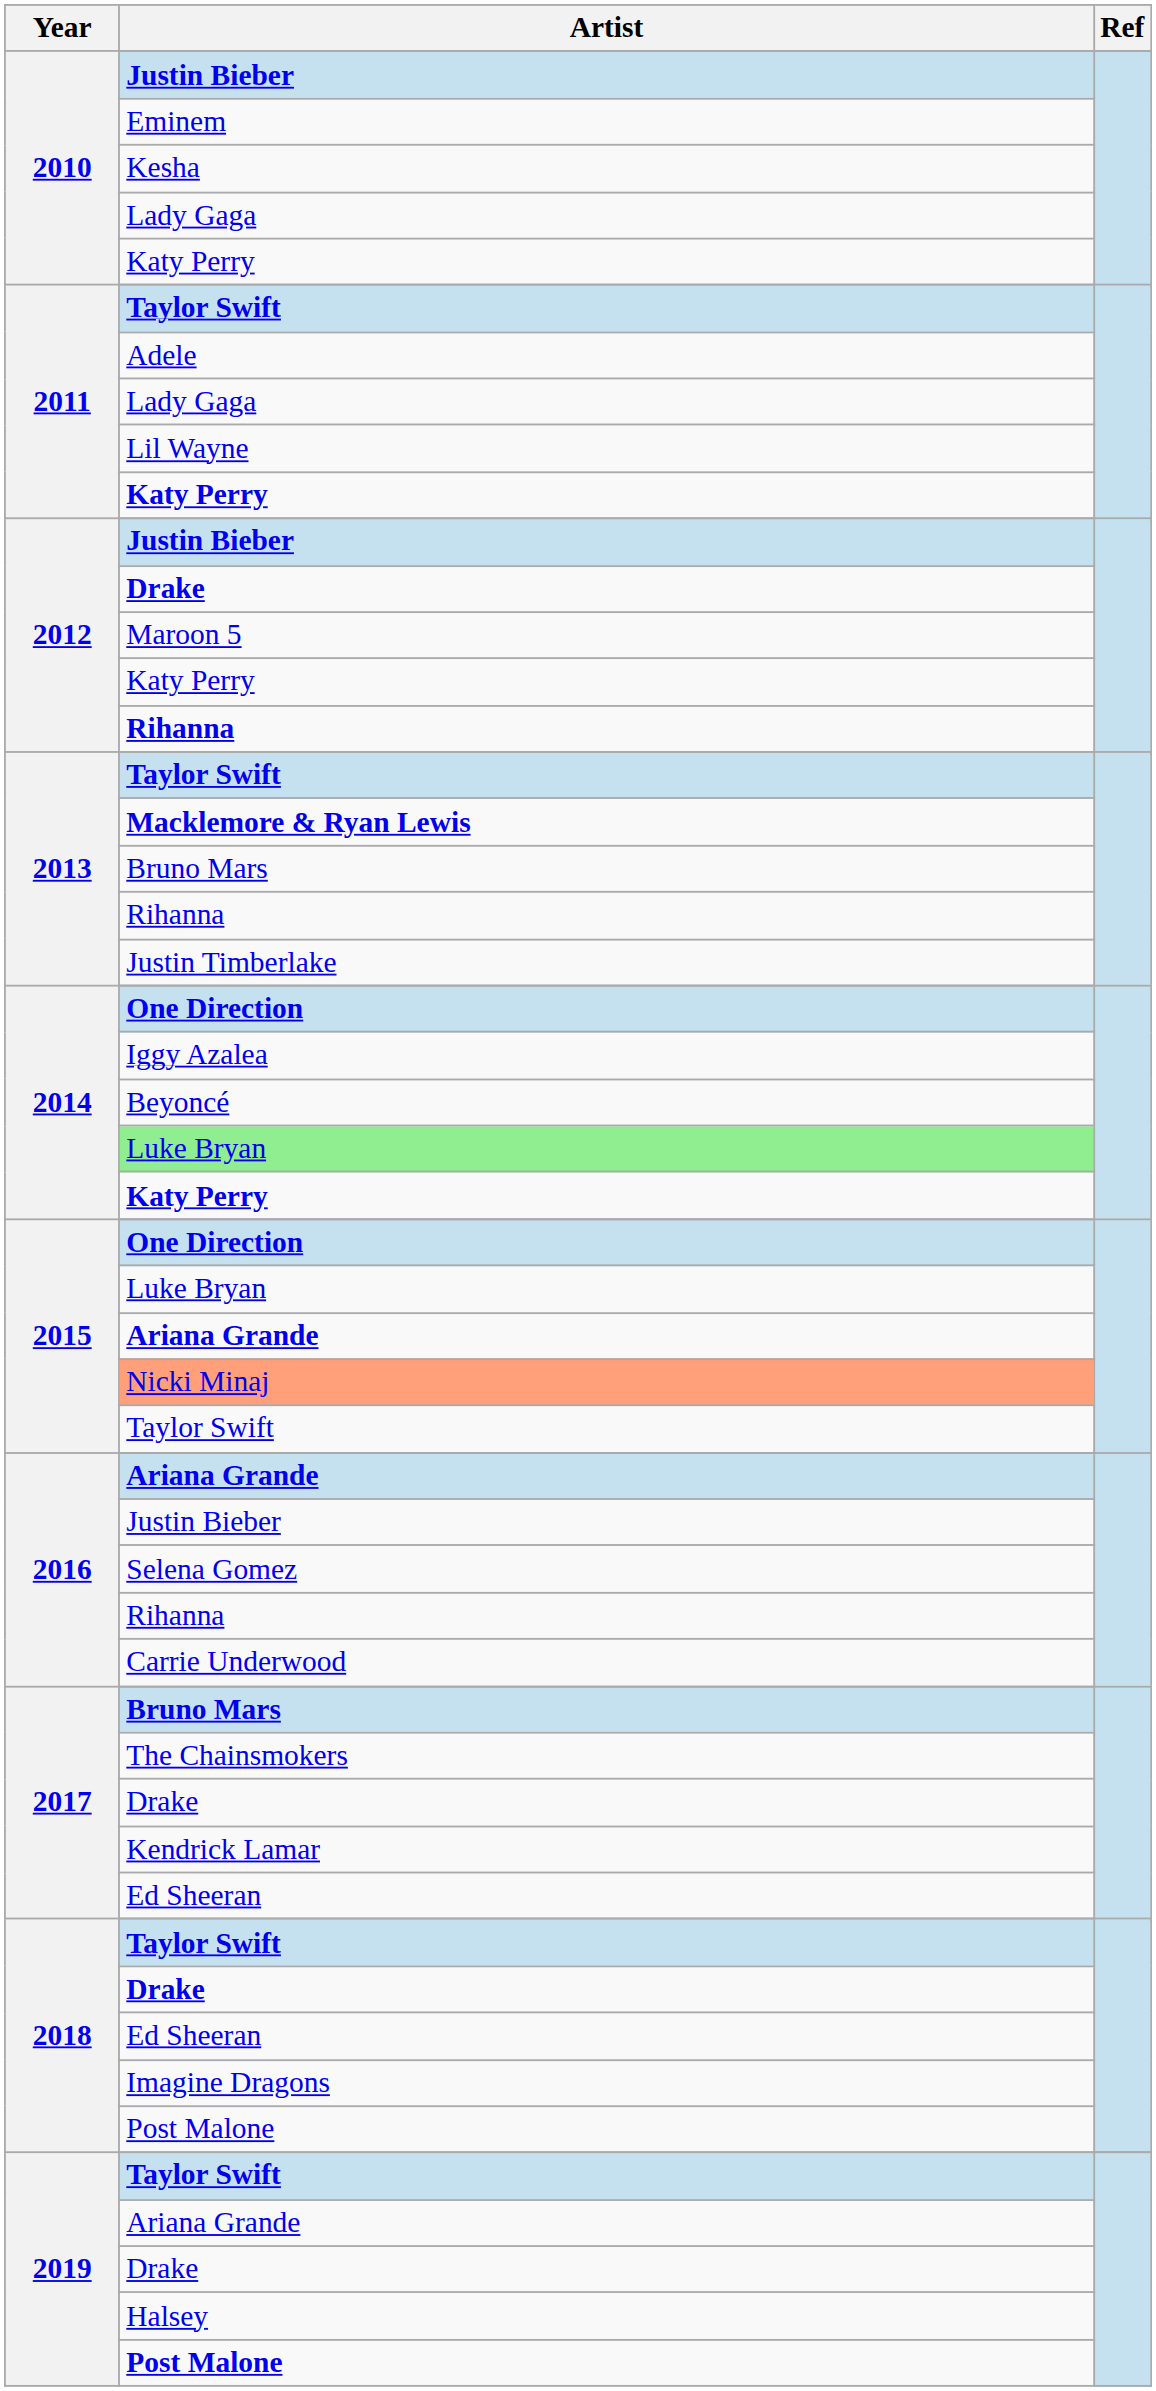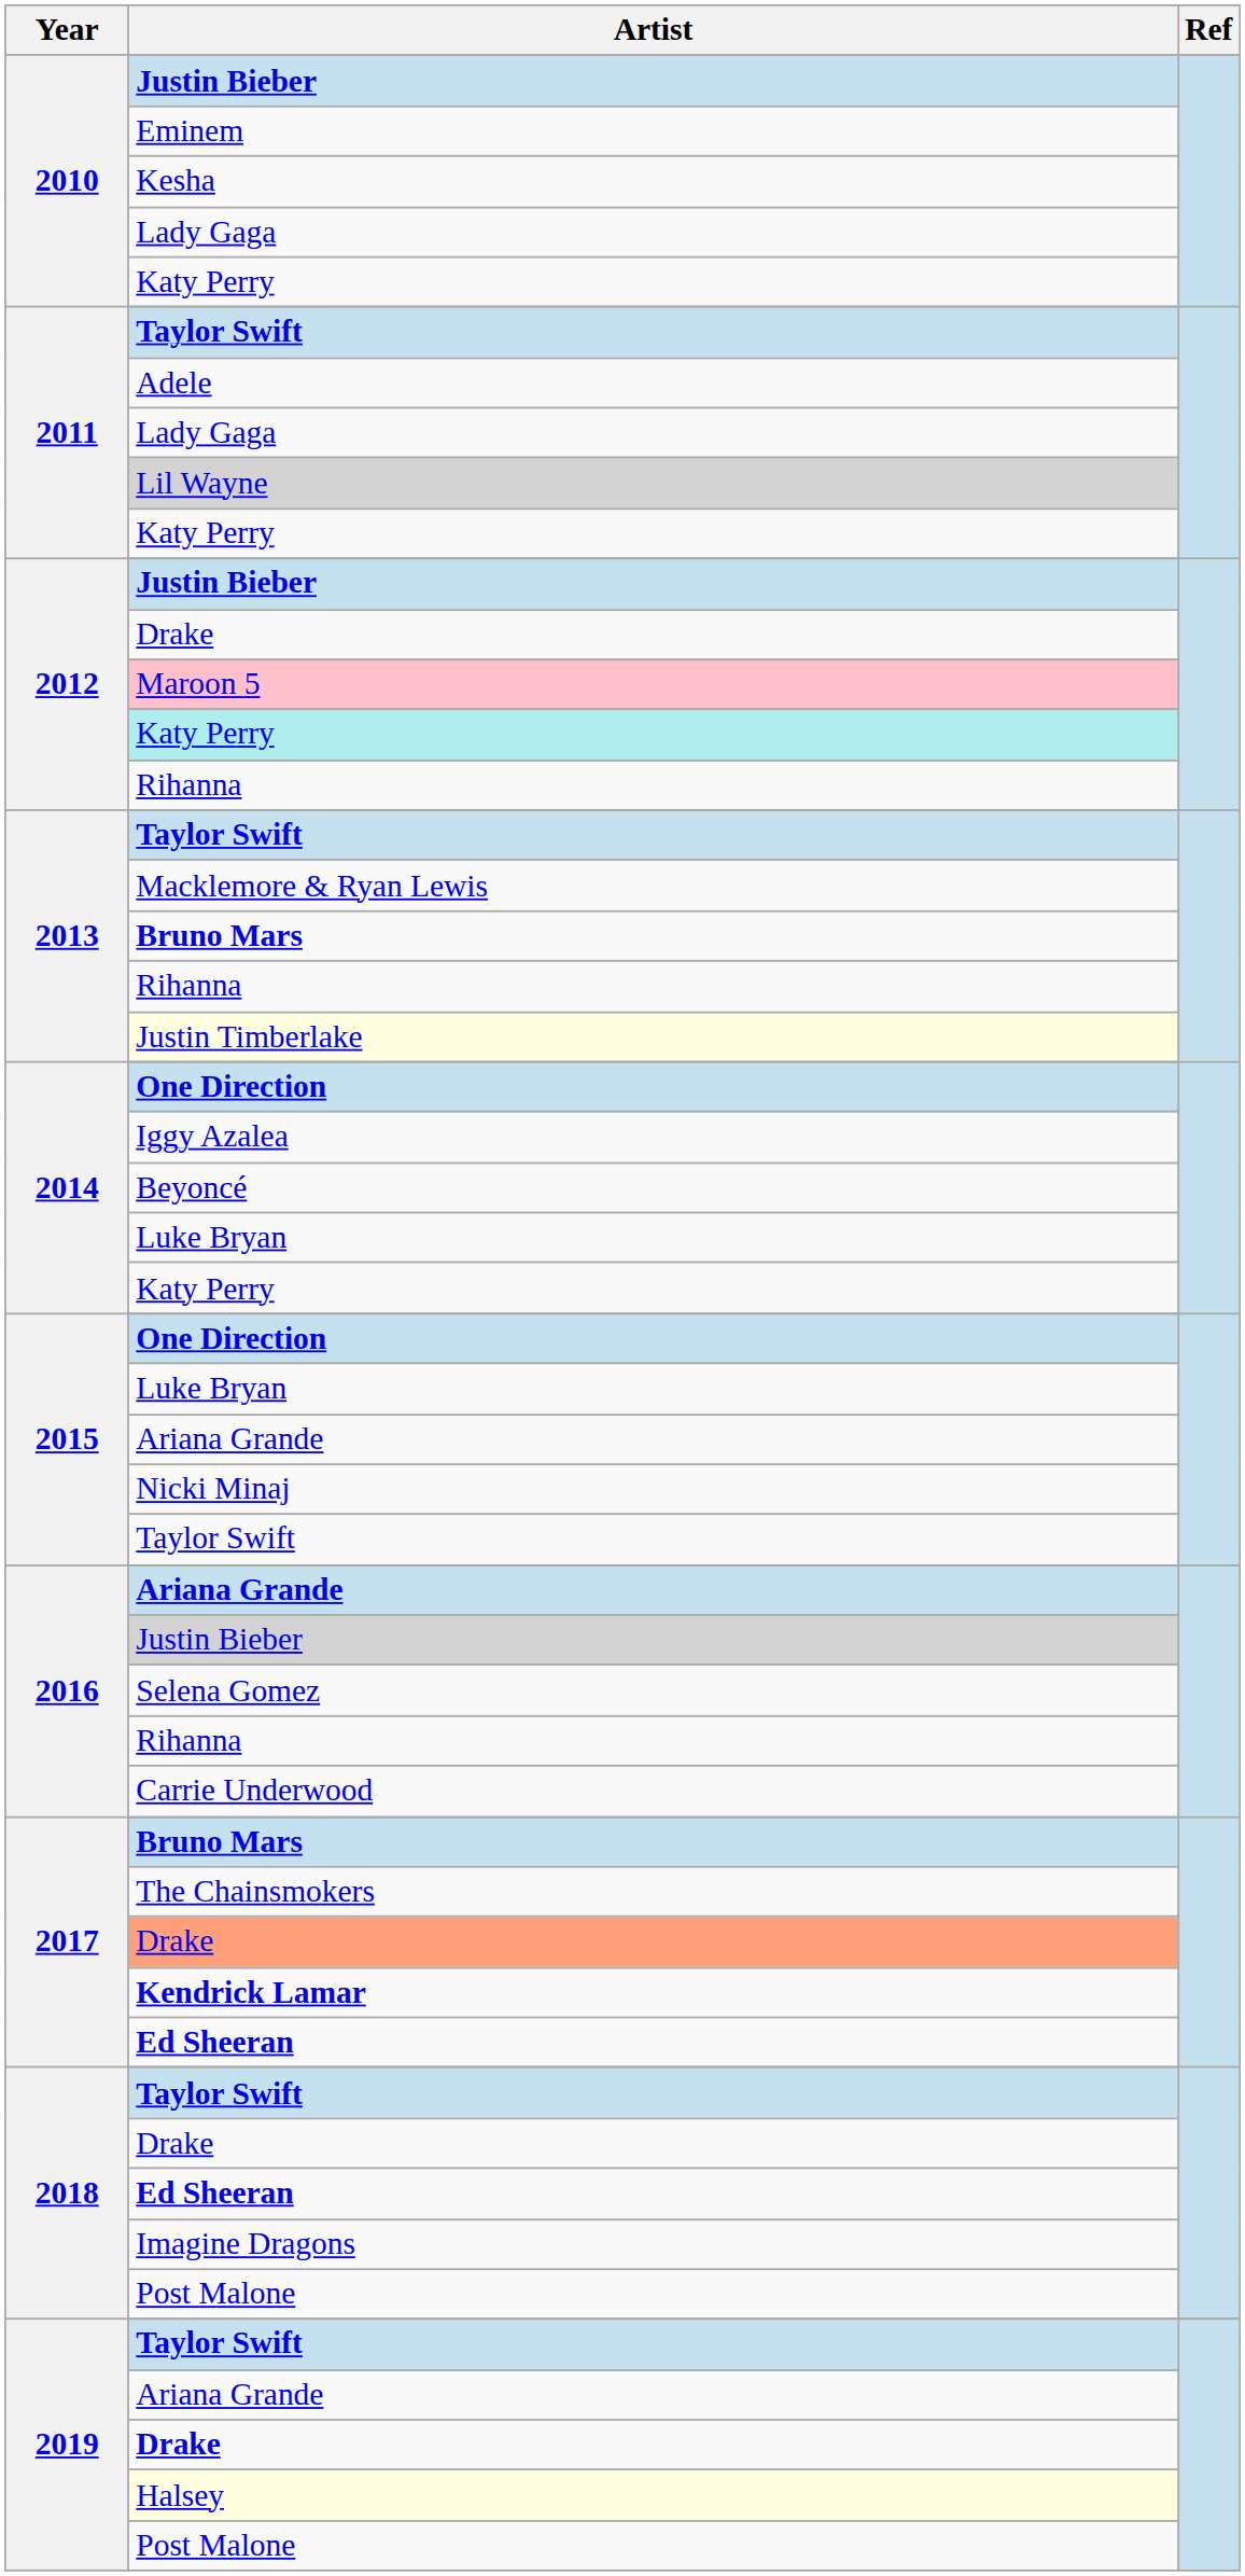 <table class="wikitable" width="100%">
 <tr>
 <th width="10%">Year</th>
 <th width="85%">Artist</th>
 <th width="5%">Ref</th>
 </tr>
 <tr>
 <th rowspan="6" align="center"><a href='#'>2010<br></a></th>
 </tr>
 <tr style="background:#c5e1f0">
 <td><strong><a href='#'>Justin Bieber</a></strong></td>
 <td rowspan="6" align="center"></td>
 </tr>
 <tr>
 <td><a href='#'>Eminem</a></td>
 </tr>
 <tr>
 <td><a href='#'>Kesha</a></td>
 </tr>
 <tr>
 <td><a href='#'>Lady Gaga</a></td>
 </tr>
 <tr>
 <td><a href='#'>Katy Perry</a></td>
 </tr>
 <tr>
 <th rowspan="6" align="center"><a href='#'>2011<br></a></th>
 </tr>
 <tr style="background:#c5e1f0">
 <td><strong><a href='#'>Taylor Swift</a></strong></td>
 <td rowspan="6" align="center"></td>
 </tr>
 <tr>
 <td><a href='#'>Adele</a></td>
 </tr>
 <tr>
 <td><a href='#'>Lady Gaga</a></td>
 </tr>
 <tr>
-<td><a href='#'>Lil Wayne</a></td>
+<td style="background: lightgrey;"><a href='#'>Lil Wayne</a></td>
 </tr>
 <tr>
-<td><strong><a href='#'>Katy Perry</a></strong></td>
+<td><a href='#'>Katy Perry</a></td>
 </tr>
 <tr>
 <th rowspan="6" align="center"><a href='#'>2012<br></a></th>
 </tr>
 <tr style="background:#c5e1f0">
 <td><strong><a href='#'>Justin Bieber</a></strong></td>
 <td rowspan="6" align="center"></td>
 </tr>
 <tr>
-<td><strong><a href='#'>Drake</a></strong></td>
+<td><a href='#'>Drake</a></td>
 </tr>
 <tr>
-<td><a href='#'>Maroon 5</a></td>
+<td style="background: pink;"><a href='#'>Maroon 5</a></td>
 </tr>
 <tr>
-<td><a href='#'>Katy Perry</a></td>
+<td style="background: paleturquoise;"><a href='#'>Katy Perry</a></td>
 </tr>
 <tr>
-<td><strong><a href='#'>Rihanna</a></strong></td>
+<td><a href='#'>Rihanna</a></td>
 </tr>
 <tr>
 <th rowspan="6" align="center"><a href='#'>2013<br></a></th>
 </tr>
 <tr style="background:#c5e1f0">
 <td><strong><a href='#'>Taylor Swift</a></strong></td>
 <td rowspan="6" align="center"></td>
 </tr>
 <tr>
-<td><strong><a href='#'>Macklemore & Ryan Lewis</a></strong></td>
+<td><a href='#'>Macklemore & Ryan Lewis</a></td>
 </tr>
 <tr>
-<td><a href='#'>Bruno Mars</a></td>
+<td><strong><a href='#'>Bruno Mars</a></strong></td>
 </tr>
 <tr>
 <td><a href='#'>Rihanna</a></td>
 </tr>
 <tr>
-<td><a href='#'>Justin Timberlake</a></td>
+<td style="background: lightyellow;"><a href='#'>Justin Timberlake</a></td>
 </tr>
 <tr>
 <th rowspan="6" align="center"><a href='#'>2014<br></a></th>
 </tr>
 <tr style="background:#c5e1f0">
 <td><strong><a href='#'>One Direction</a></strong></td>
 <td rowspan="6" align="center"></td>
 </tr>
 <tr>
 <td><a href='#'>Iggy Azalea</a></td>
 </tr>
 <tr>
 <td><a href='#'>Beyoncé</a></td>
 </tr>
 <tr>
-<td style="background: lightgreen;"><a href='#'>Luke Bryan</a></td>
+<td><a href='#'>Luke Bryan</a></td>
 </tr>
 <tr>
-<td><strong><a href='#'>Katy Perry</a></strong></td>
+<td><a href='#'>Katy Perry</a></td>
 </tr>
 <tr>
 <th rowspan="6" align="center"><a href='#'>2015<br></a></th>
 </tr>
 <tr style="background:#c5e1f0">
 <td><strong><a href='#'>One Direction</a></strong></td>
 <td rowspan="6" align="center"></td>
 </tr>
 <tr>
 <td><a href='#'>Luke Bryan</a></td>
 </tr>
 <tr>
-<td><strong><a href='#'>Ariana Grande</a></strong></td>
+<td><a href='#'>Ariana Grande</a></td>
 </tr>
 <tr>
-<td style="background: lightsalmon;"><a href='#'>Nicki Minaj</a></td>
+<td><a href='#'>Nicki Minaj</a></td>
 </tr>
 <tr>
 <td><a href='#'>Taylor Swift</a></td>
 </tr>
 <tr>
 <th rowspan="6" align="center"><a href='#'>2016<br></a></th>
 </tr>
 <tr style="background:#c5e1f0">
 <td><strong><a href='#'>Ariana Grande</a></strong></td>
 <td rowspan="6" align="center"></td>
 </tr>
 <tr>
-<td><a href='#'>Justin Bieber</a></td>
+<td style="background: lightgrey;"><a href='#'>Justin Bieber</a></td>
 </tr>
 <tr>
 <td><a href='#'>Selena Gomez</a></td>
 </tr>
 <tr>
 <td><a href='#'>Rihanna</a></td>
 </tr>
 <tr>
 <td><a href='#'>Carrie Underwood</a></td>
 </tr>
 <tr>
 <th rowspan="6" align="center"><a href='#'>2017<br></a></th>
 </tr>
 <tr style="background:#c5e1f0">
 <td><strong><a href='#'>Bruno Mars</a></strong></td>
 <td rowspan="6" align="center"></td>
 </tr>
 <tr>
 <td><a href='#'>The Chainsmokers</a></td>
 </tr>
 <tr>
-<td><a href='#'>Drake</a></td>
+<td style="background: lightsalmon;"><a href='#'>Drake</a></td>
 </tr>
 <tr>
-<td><a href='#'>Kendrick Lamar</a></td>
+<td><strong><a href='#'>Kendrick Lamar</a></strong></td>
 </tr>
 <tr>
-<td><a href='#'>Ed Sheeran</a></td>
+<td><strong><a href='#'>Ed Sheeran</a></strong></td>
 </tr>
 <tr>
 <th rowspan="6" align="center"><a href='#'>2018<br></a></th>
 </tr>
 <tr style="background:#c5e1f0">
 <td><strong><a href='#'>Taylor Swift</a></strong></td>
 <td rowspan="5" align="center"></td>
 </tr>
 <tr>
-<td><strong><a href='#'>Drake</a></strong></td>
+<td><a href='#'>Drake</a></td>
 </tr>
 <tr>
-<td><a href='#'>Ed Sheeran</a></td>
+<td><strong><a href='#'>Ed Sheeran</a></strong></td>
 </tr>
 <tr>
 <td><a href='#'>Imagine Dragons</a></td>
 </tr>
 <tr>
 <td><a href='#'>Post Malone</a></td>
 </tr>
 <tr>
 <th rowspan="6" align="center"><a href='#'>2019<br></a></th>
 </tr>
 <tr style="background:#c5e1f0">
 <td><strong><a href='#'>Taylor Swift</a></strong></td>
 <td rowspan="6" align="center"></td>
 </tr>
 <tr>
 <td><a href='#'>Ariana Grande</a></td>
 </tr>
 <tr>
-<td><a href='#'>Drake</a></td>
+<td><strong><a href='#'>Drake</a></strong></td>
 </tr>
 <tr>
-<td><a href='#'>Halsey</a></td>
+<td style="background: lightyellow;"><a href='#'>Halsey</a></td>
 </tr>
 <tr>
-<td><strong><a href='#'>Post Malone</a></strong></td>
+<td><a href='#'>Post Malone</a></td>
 </tr>
 </table>
